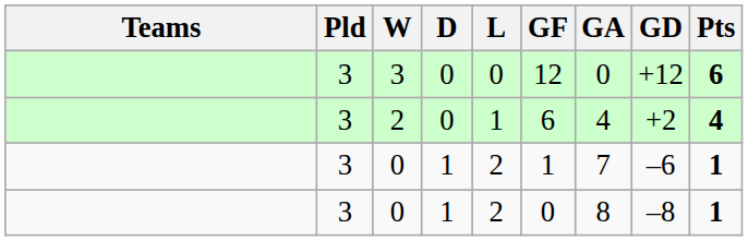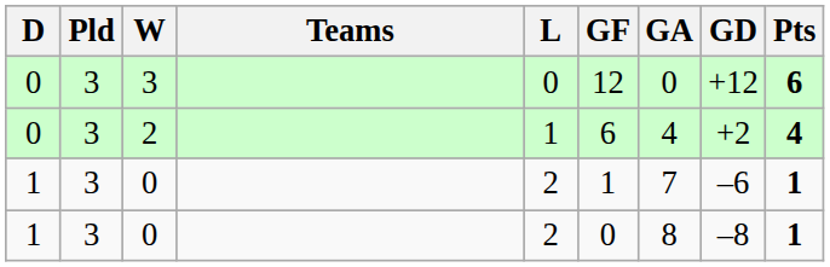 <table class="wikitable" style="text-align: center;">
 <tr>
-<th width=165>Teams</th>
+<th width=20>D</th>
 <th width=20>Pld</th>
 <th width=20>W</th>
-<th width=20>D</th>
+<th width=165>Teams</th>
 <th width=20>L</th>
 <th width=20>GF</th>
 <th width=20>GA</th>
 <th width=20>GD</th>
 <th width=20>Pts</th>
 </tr>
 <tr align=center style="background:#ccffcc;">
-<td style="text-align:left;"></td>
+<td>0</td>
 <td>3</td>
 <td>3</td>
-<td>0</td>
+<td style="text-align:left;"></td>
 <td>0</td>
 <td>12</td>
 <td>0</td>
 <td>+12</td>
 <td><strong>6</strong></td>
 </tr>
 <tr align=center style="background:#ccffcc;">
-<td style="text-align:left;"></td>
+<td>0</td>
 <td>3</td>
 <td>2</td>
-<td>0</td>
+<td style="text-align:left;"></td>
 <td>1</td>
 <td>6</td>
 <td>4</td>
 <td>+2</td>
 <td><strong>4</strong></td>
 </tr>
 <tr align=center>
-<td style="text-align:left;"></td>
+<td>1</td>
 <td>3</td>
 <td>0</td>
-<td>1</td>
+<td style="text-align:left;"></td>
 <td>2</td>
 <td>1</td>
 <td>7</td>
 <td>–6</td>
 <td><strong>1</strong></td>
 </tr>
 <tr align=center>
-<td style="text-align:left;"></td>
+<td>1</td>
 <td>3</td>
 <td>0</td>
-<td>1</td>
+<td style="text-align:left;"></td>
 <td>2</td>
 <td>0</td>
 <td>8</td>
 <td>–8</td>
 <td><strong>1</strong></td>
 </tr>
 </table>
